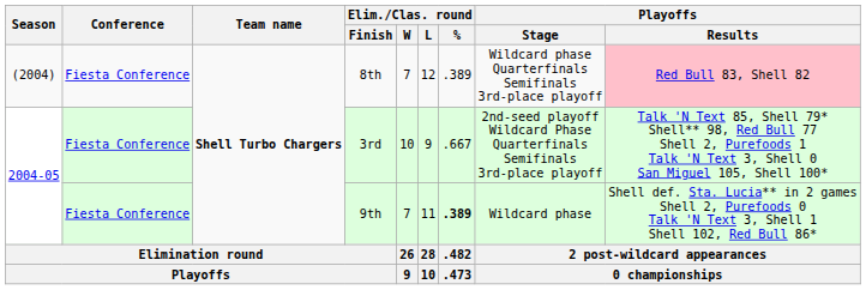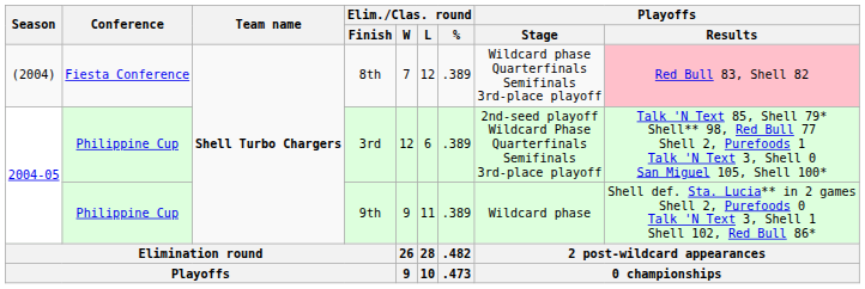 <table class=wikitable style="text-align:center;">
 <tr>
 <th rowspan=2>Season</th>
 <th rowspan=2>Conference</th>
 <th rowspan=2>Team name</th>
 <th colspan=4>Elim./Clas. round</th>
 <th colspan=2>Playoffs</th>
 </tr>
 <tr>
 <th>Finish</th>
 <th>W</th>
 <th>L</th>
 <th>%</th>
 <th>Stage</th>
 <th>Results</th>
 </tr>
 <tr>
 <td>(2004)</td>
 <td><a href='#'>Fiesta Conference</a></td>
 <td rowspan=3><strong>Shell Turbo Chargers</strong></td>
 <td>8th</td>
 <td>7</td>
 <td>12</td>
 <td>.389</td>
 <td>Wildcard phase<br>Quarterfinals<br>Semifinals<br>3rd-place playoff</td>
 <td style="background: pink;"><a href='#'>Red Bull</a> 83, Shell 82</td>
 </tr>
 <tr bgcolor=#DDFFDD>
 <td bgcolor=white rowspan=2><a href='#'>2004-05</a></td>
-<td><a href='#'>Fiesta Conference</a></td>
+<td><a href='#'>Philippine Cup</a></td>
 <td>3rd</td>
-<td>10</td>
-<td>9</td>
-<td>.667</td>
+<td>12</td>
+<td>6</td>
+<td>.389</td>
 <td>2nd-seed playoff<br>Wildcard Phase<br>Quarterfinals<br>Semifinals<br>3rd-place playoff</td>
 <td><a href='#'>Talk 'N Text</a> 85, Shell 79*<br>Shell** 98, <a href='#'>Red Bull</a> 77<br>Shell 2, <a href='#'>Purefoods</a> 1<br><a href='#'>Talk 'N Text</a> 3, Shell 0<br><a href='#'>San Miguel</a> 105, Shell 100*</td>
 </tr>
 <tr bgcolor=#DDFFDD>
-<td><a href='#'>Fiesta Conference</a></td>
+<td><a href='#'>Philippine Cup</a></td>
 <td>9th</td>
-<td>7</td>
+<td>9</td>
 <td>11</td>
-<td><strong>.389</strong></td>
+<td>.389</td>
 <td>Wildcard phase</td>
 <td>Shell def. <a href='#'>Sta. Lucia</a>** in 2 games<br>Shell 2, <a href='#'>Purefoods</a> 0<br><a href='#'>Talk 'N Text</a> 3, Shell 1<br>Shell 102, <a href='#'>Red Bull</a> 86*</td>
 </tr>
 <tr>
 <th colspan=4>Elimination round</th>
 <th>26</th>
 <th>28</th>
 <th>.482</th>
 <th colspan=2>2 post-wildcard appearances</th>
 </tr>
 <tr>
 <th colspan=4>Playoffs</th>
 <th>9</th>
 <th>10</th>
 <th>.473</th>
 <th colspan=2>0 championships</th>
 </tr>
 </table>
